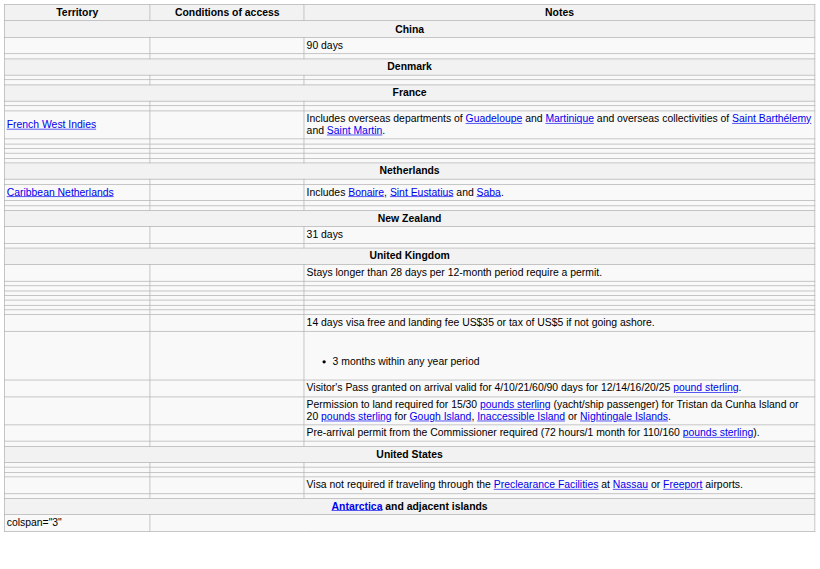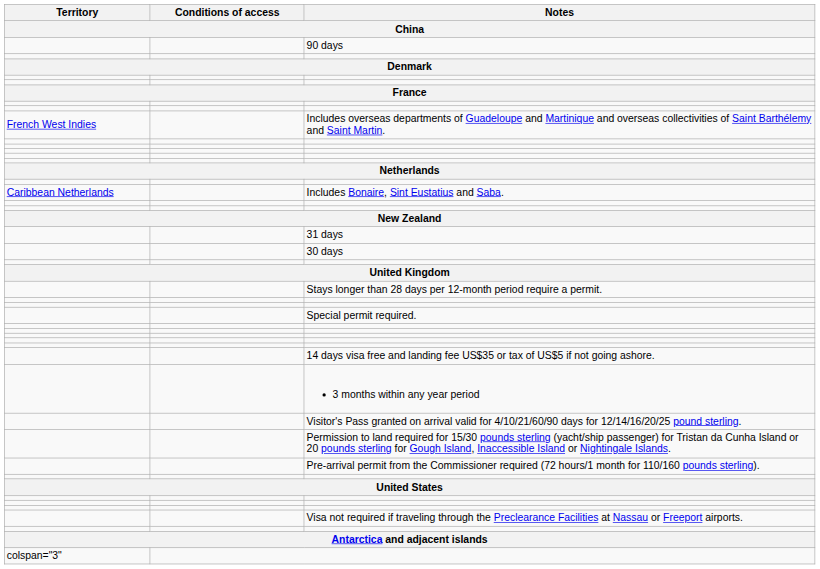 <table class="wikitable" style="text-align: left; table-layout: fixed;">
 <tr>
 <th style="width:18%;">Territory</th>
 <th style="width:19%;">Conditions of access</th>
 <th>Notes</th>
 </tr>
 <tr>
 <th colspan="3">China</th>
 </tr>
 <tr>
 <td></td>
 <td></td>
 <td>90 days</td>
 </tr>
 <tr>
 <td></td>
 <td></td>
 <td></td>
 </tr>
 <tr>
 <th colspan="3">Denmark</th>
 </tr>
 <tr>
 <td></td>
 <td></td>
 <td></td>
 </tr>
 <tr>
 <td></td>
 <td></td>
 <td></td>
 </tr>
 <tr>
 <th colspan="3">France</th>
 </tr>
 <tr>
 <td></td>
 <td></td>
 <td></td>
 </tr>
 <tr>
 <td></td>
 <td></td>
 <td></td>
 </tr>
 <tr>
 <td> <a href='#'>French West Indies</a></td>
 <td></td>
 <td>Includes overseas departments of <a href='#'>Guadeloupe</a> and <a href='#'>Martinique</a> and overseas collectivities of <a href='#'>Saint Barthélemy</a> and <a href='#'>Saint Martin</a>.</td>
 </tr>
 <tr>
 <td></td>
 <td></td>
 <td></td>
 </tr>
 <tr>
 <td></td>
 <td></td>
 <td></td>
 </tr>
 <tr>
 <td></td>
 <td></td>
 <td></td>
 </tr>
 <tr>
 <td></td>
 <td></td>
 <td></td>
 </tr>
 <tr>
 <td></td>
 <td></td>
 <td></td>
 </tr>
 <tr>
 <th colspan="3">Netherlands</th>
 </tr>
 <tr>
 <td></td>
 <td></td>
 <td></td>
 </tr>
 <tr>
 <td> <a href='#'>Caribbean Netherlands</a></td>
 <td></td>
 <td>Includes <a href='#'>Bonaire</a>, <a href='#'>Sint Eustatius</a> and <a href='#'>Saba</a>.</td>
 </tr>
 <tr>
 <td></td>
 <td></td>
 <td></td>
 </tr>
 <tr>
 <td></td>
 <td></td>
 <td></td>
 </tr>
 <tr>
 <th colspan="3">New Zealand</th>
 </tr>
 <tr>
 <td></td>
 <td></td>
 <td>31 days</td>
 </tr>
 <tr>
 <td></td>
 <td></td>
+<td>30 days</td>
+</tr>
+<tr>
+<td></td>
+<td></td>
 <td></td>
 </tr>
 <tr>
 <th colspan="3">United Kingdom</th>
 </tr>
 <tr>
 <td></td>
 <td></td>
 <td>Stays longer than 28 days per 12-month period require a permit.</td>
 </tr>
 <tr>
 <td></td>
 <td></td>
 <td></td>
 </tr>
 <tr>
 <td></td>
 <td></td>
 <td></td>
+</tr>
+<tr>
+<td></td>
+<td></td>
+<td>Special permit required.</td>
 </tr>
 <tr>
 <td></td>
 <td></td>
 <td></td>
 </tr>
 <tr>
 <td></td>
 <td></td>
 <td></td>
 </tr>
 <tr>
 <td></td>
 <td></td>
 <td></td>
 </tr>
 <tr>
 <td></td>
 <td></td>
 <td></td>
 </tr>
 <tr>
 <td></td>
 <td></td>
 <td></td>
 </tr>
 <tr>
 <td></td>
 <td></td>
 <td>14 days visa free and landing fee US$35 or tax of US$5 if not going ashore.</td>
 </tr>
 <tr>
 <td></td>
 <td></td>
 <td><br><ul><li>3 months within any year period</li></ul></td>
 </tr>
 <tr>
 <td></td>
 <td></td>
 <td>Visitor's Pass granted on arrival valid for 4/10/21/60/90 days for 12/14/16/20/25 <a href='#'>pound sterling</a>.</td>
 </tr>
 <tr>
 <td></td>
 <td></td>
 <td>Permission to land required for 15/30 <a href='#'>pounds sterling</a> (yacht/ship passenger) for Tristan da Cunha Island or 20 <a href='#'>pounds sterling</a> for <a href='#'>Gough Island</a>, <a href='#'>Inaccessible Island</a> or <a href='#'>Nightingale Islands</a>.</td>
 </tr>
 <tr>
 <td></td>
 <td></td>
 <td>Pre-arrival permit from the Commissioner required (72 hours/1 month for 110/160 <a href='#'>pounds sterling</a>).</td>
 </tr>
 <tr>
 <td></td>
 <td></td>
 <td></td>
 </tr>
 <tr>
 <th colspan="3">United States</th>
 </tr>
 <tr>
 <td></td>
 <td></td>
 <td></td>
 </tr>
 <tr>
 <td></td>
 <td></td>
 <td></td>
 </tr>
 <tr>
 <td></td>
 <td></td>
 <td></td>
 </tr>
 <tr>
 <td></td>
 <td></td>
 <td>Visa not required if traveling through the <a href='#'>Preclearance Facilities</a> at <a href='#'>Nassau</a> or <a href='#'>Freeport</a> airports.</td>
 </tr>
 <tr>
 <td></td>
 <td></td>
 <td></td>
 </tr>
 <tr>
 <th colspan="3"><a href='#'>Antarctica</a> and adjacent islands</th>
 </tr>
 <tr>
 <td>colspan="3" </td>
 </tr>
 </table>
